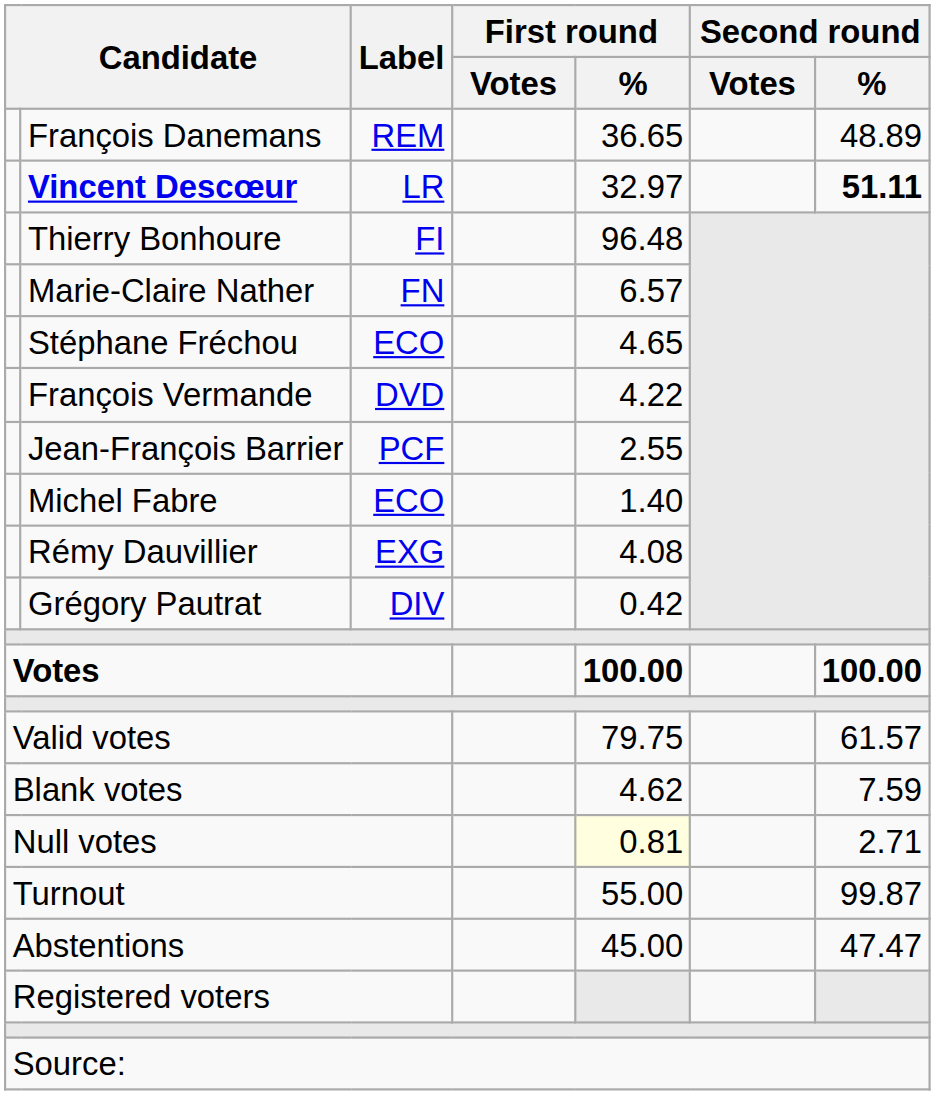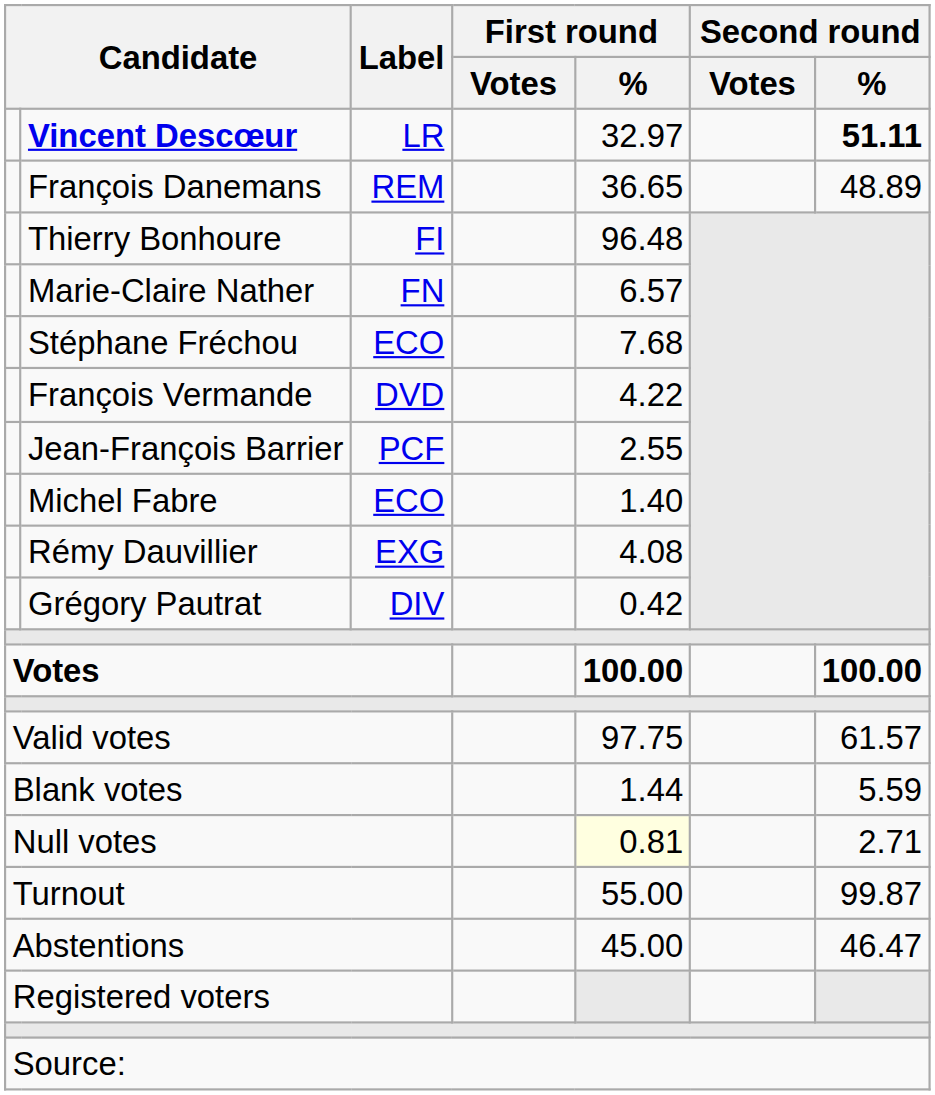 <table class="wikitable" style="text-align:right;font-size:95%;">
 <tr>
 <th colspan="2" rowspan="2">Candidate</th>
 <th rowspan="2">Label</th>
 <th colspan="2">First round</th>
 <th colspan="2">Second round</th>
 </tr>
 <tr>
 <th style="width:50px;">Votes</th>
 <th style="width:45px;">%</th>
 <th style="width:50px;">Votes</th>
 <th style="width:45px;">%</th>
 </tr>
 <tr>
 <td style="color:inherit;background:"></td>
+<td style="text-align:left;"><strong><a href='#'>Vincent Descœur</a></strong></td>
+<td><a href='#'>LR</a></td>
+<td></td>
+<td>32.97</td>
+<td><strong></strong></td>
+<td><strong>51.11</strong></td>
+</tr>
+<tr>
+<td style="color:inherit;background:"></td>
 <td style="text-align:left;">François Danemans</td>
 <td><a href='#'>REM</a></td>
 <td></td>
 <td>36.65</td>
 <td></td>
 <td>48.89</td>
-</tr>
-<tr>
-<td style="color:inherit;background:"></td>
-<td style="text-align:left;"><strong><a href='#'>Vincent Descœur</a></strong></td>
-<td><a href='#'>LR</a></td>
-<td></td>
-<td>32.97</td>
-<td><strong></strong></td>
-<td><strong>51.11</strong></td>
 </tr>
 <tr>
 <td style="color:inherit;background:"></td>
 <td style="text-align:left;">Thierry Bonhoure</td>
 <td><a href='#'>FI</a></td>
 <td></td>
 <td>96.48</td>
 <td colspan="2" rowspan="8" style="background:#E9E9E9;"></td>
 </tr>
 <tr>
 <td style="color:inherit;background:"></td>
 <td style="text-align:left;">Marie-Claire Nather</td>
 <td><a href='#'>FN</a></td>
 <td></td>
 <td>6.57</td>
 </tr>
 <tr>
 <td style="color:inherit;background:"></td>
 <td style="text-align:left;">Stéphane Fréchou</td>
 <td><a href='#'>ECO</a></td>
 <td></td>
-<td>4.65</td>
+<td>7.68</td>
 </tr>
 <tr>
 <td style="color:inherit;background:"></td>
 <td style="text-align:left;">François Vermande</td>
 <td><a href='#'>DVD</a></td>
 <td></td>
 <td>4.22</td>
 </tr>
 <tr>
 <td style="color:inherit;background:"></td>
 <td style="text-align:left;">Jean-François Barrier</td>
 <td><a href='#'>PCF</a></td>
 <td></td>
 <td>2.55</td>
 </tr>
 <tr>
 <td style="color:inherit;background:"></td>
 <td style="text-align:left;">Michel Fabre</td>
 <td><a href='#'>ECO</a></td>
 <td></td>
 <td>1.40</td>
 </tr>
 <tr>
 <td style="color:inherit;background:"></td>
 <td style="text-align:left;">Rémy Dauvillier</td>
 <td><a href='#'>EXG</a></td>
 <td></td>
 <td>4.08</td>
 </tr>
 <tr>
 <td style="color:inherit;background:"></td>
 <td style="text-align:left;">Grégory Pautrat</td>
 <td><a href='#'>DIV</a></td>
 <td></td>
 <td>0.42</td>
 </tr>
 <tr>
 <td colspan="7" style="background:#E9E9E9;"></td>
 </tr>
 <tr style="font-weight:bold;">
 <td colspan="3" style="text-align:left;">Votes</td>
 <td></td>
 <td>100.00</td>
 <td></td>
 <td>100.00</td>
 </tr>
 <tr>
 <td colspan="7" style="background:#E9E9E9;"></td>
 </tr>
 <tr>
 <td colspan="3" style="text-align:left;">Valid votes</td>
 <td></td>
-<td>79.75</td>
+<td>97.75</td>
 <td></td>
 <td>61.57</td>
 </tr>
 <tr>
 <td colspan="3" style="text-align:left;">Blank votes</td>
 <td></td>
-<td>4.62</td>
+<td>1.44</td>
 <td></td>
-<td>7.59</td>
+<td>5.59</td>
 </tr>
 <tr>
 <td colspan="3" style="text-align:left;">Null votes</td>
 <td></td>
 <td style="background: lightyellow;">0.81</td>
 <td></td>
 <td>2.71</td>
 </tr>
 <tr>
 <td colspan="3" style="text-align:left;">Turnout</td>
 <td></td>
 <td>55.00</td>
 <td></td>
 <td>99.87</td>
 </tr>
 <tr>
 <td colspan="3" style="text-align:left;">Abstentions</td>
 <td></td>
 <td>45.00</td>
 <td></td>
-<td>47.47</td>
+<td>46.47</td>
 </tr>
 <tr>
 <td colspan="3" style="text-align:left;">Registered voters</td>
 <td></td>
 <td style="color:inherit;background:#E9E9E9;"></td>
 <td></td>
 <td style="color:inherit;background:#E9E9E9;"></td>
 </tr>
 <tr>
 <td colspan="7" style="background:#E9E9E9;"></td>
 </tr>
 <tr>
 <td colspan="7" style="text-align:left;">Source: </td>
 </tr>
 </table>
